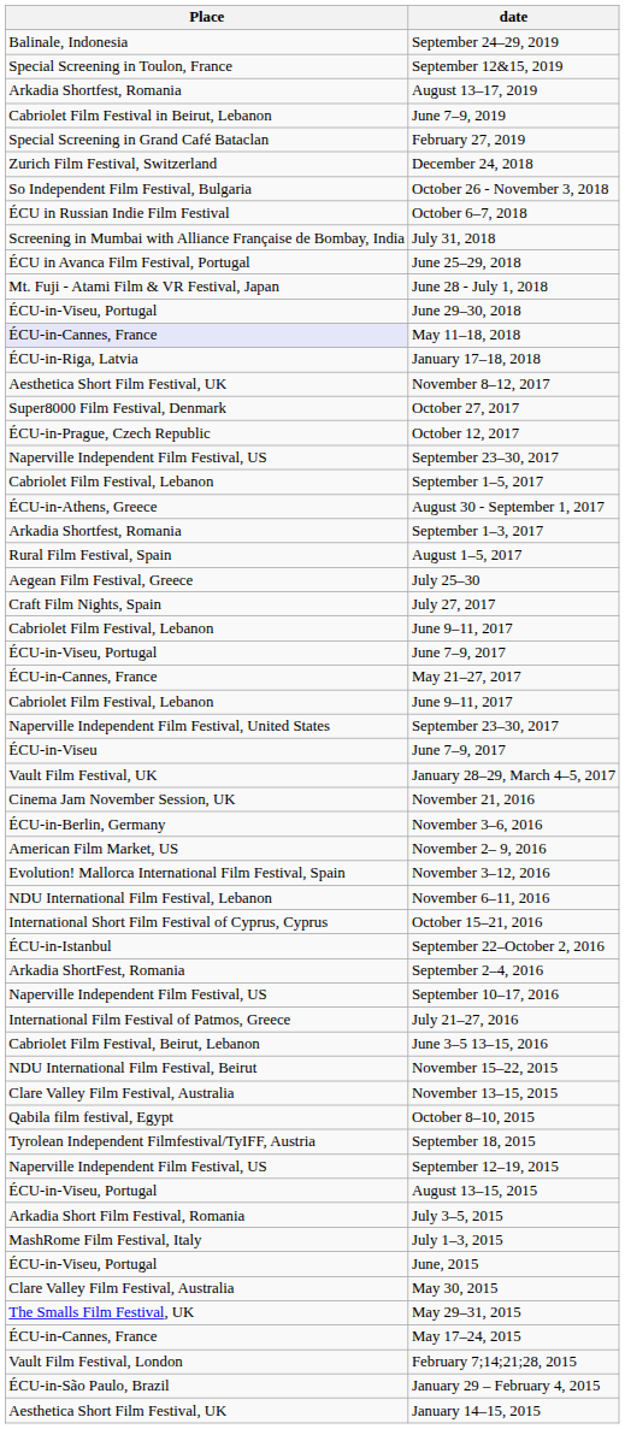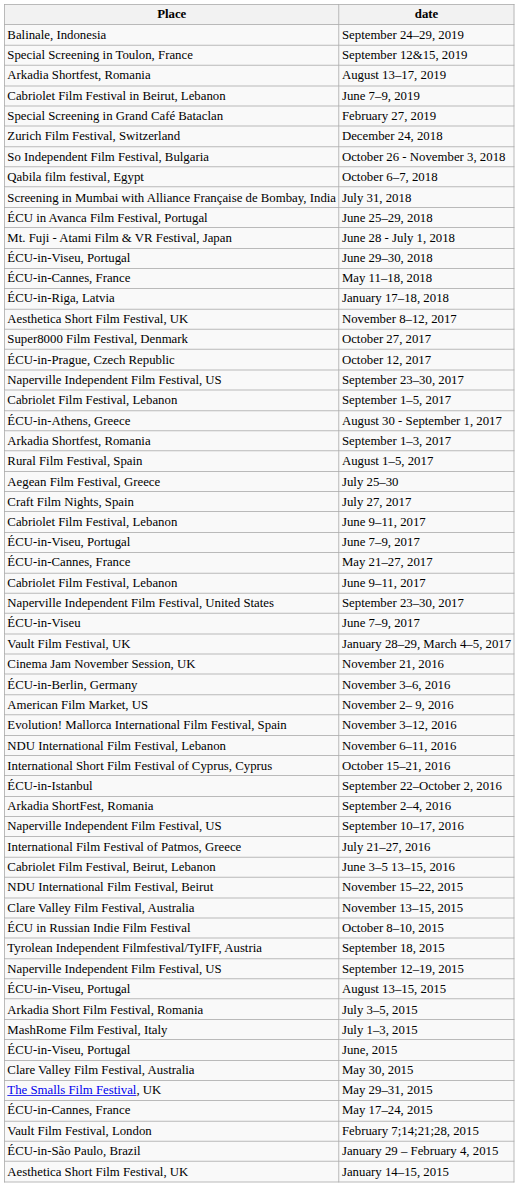 <table class="wikitable sortable">
 <tr>
 <th>Place</th>
 <th>date</th>
 </tr>
 <tr>
 <td>Balinale, Indonesia</td>
 <td>September 24–29, 2019</td>
 </tr>
 <tr>
 <td>Special Screening in Toulon, France</td>
 <td>September 12&15, 2019</td>
 </tr>
 <tr>
 <td>Arkadia Shortfest, Romania</td>
 <td>August 13–17, 2019</td>
 </tr>
 <tr>
 <td>Cabriolet Film Festival in Beirut, Lebanon</td>
 <td>June 7–9, 2019</td>
 </tr>
 <tr>
 <td>Special Screening in Grand Café Bataclan</td>
 <td>February 27, 2019</td>
 </tr>
 <tr>
 <td>Zurich Film Festival, Switzerland</td>
 <td>December 24, 2018</td>
 </tr>
 <tr>
 <td>So Independent Film Festival, Bulgaria</td>
 <td>October 26 - November 3, 2018</td>
 </tr>
 <tr>
-<td>ÉCU in Russian Indie Film Festival</td>
+<td>Qabila film festival, Egypt</td>
 <td>October 6–7, 2018</td>
 </tr>
 <tr>
 <td>Screening in Mumbai with Alliance Française de Bombay, India</td>
 <td>July 31, 2018</td>
 </tr>
 <tr>
 <td>ÉCU in Avanca Film Festival, Portugal</td>
 <td>June 25–29, 2018</td>
 </tr>
 <tr>
 <td>Mt. Fuji - Atami Film & VR Festival, Japan</td>
 <td>June 28 - July 1, 2018</td>
 </tr>
 <tr>
 <td>ÉCU-in-Viseu, Portugal</td>
 <td>June 29–30, 2018</td>
 </tr>
 <tr>
-<td style="background: lavender;">ÉCU-in-Cannes, France</td>
+<td>ÉCU-in-Cannes, France</td>
 <td>May 11–18, 2018</td>
 </tr>
 <tr>
 <td>ÉCU-in-Riga, Latvia</td>
 <td>January 17–18, 2018</td>
 </tr>
 <tr>
 <td>Aesthetica Short Film Festival, UK</td>
 <td>November 8–12, 2017</td>
 </tr>
 <tr>
 <td>Super8000 Film Festival, Denmark</td>
 <td>October 27, 2017</td>
 </tr>
 <tr>
 <td>ÉCU-in-Prague, Czech Republic</td>
 <td>October 12, 2017</td>
 </tr>
 <tr>
 <td>Naperville Independent Film Festival, US</td>
 <td>September 23–30, 2017</td>
 </tr>
 <tr>
 <td>Cabriolet Film Festival, Lebanon</td>
 <td>September 1–5, 2017</td>
 </tr>
 <tr>
 <td>ÉCU-in-Athens, Greece</td>
 <td>August 30 - September 1, 2017</td>
 </tr>
 <tr>
 <td>Arkadia Shortfest, Romania</td>
 <td>September 1–3, 2017</td>
 </tr>
 <tr>
 <td>Rural Film Festival, Spain</td>
 <td>August 1–5, 2017</td>
 </tr>
 <tr>
 <td>Aegean Film Festival, Greece</td>
 <td>July 25–30</td>
 </tr>
 <tr>
 <td>Craft Film Nights, Spain</td>
 <td>July 27, 2017</td>
 </tr>
 <tr>
 <td>Cabriolet Film Festival, Lebanon</td>
 <td>June 9–11, 2017</td>
 </tr>
 <tr>
 <td>ÉCU-in-Viseu, Portugal</td>
 <td>June 7–9, 2017</td>
 </tr>
 <tr>
 <td>ÉCU-in-Cannes, France</td>
 <td>May 21–27, 2017</td>
 </tr>
 <tr>
 <td>Cabriolet Film Festival, Lebanon</td>
 <td>June 9–11, 2017</td>
 </tr>
 <tr>
 <td>Naperville Independent Film Festival, United States</td>
 <td>September 23–30, 2017</td>
 </tr>
 <tr>
 <td>ÉCU-in-Viseu</td>
 <td>June 7–9, 2017</td>
 </tr>
 <tr>
 <td>Vault Film Festival, UK</td>
 <td>January 28–29, March 4–5, 2017</td>
 </tr>
 <tr>
 <td>Cinema Jam November Session, UK</td>
 <td>November 21, 2016</td>
 </tr>
 <tr>
 <td>ÉCU-in-Berlin, Germany</td>
 <td>November 3–6, 2016</td>
 </tr>
 <tr>
 <td>American Film Market, US</td>
 <td>November 2– 9, 2016</td>
 </tr>
 <tr>
 <td>Evolution! Mallorca International Film Festival, Spain</td>
 <td>November 3–12, 2016</td>
 </tr>
 <tr>
 <td>NDU International Film Festival, Lebanon</td>
 <td>November 6–11, 2016</td>
 </tr>
 <tr>
 <td>International Short Film Festival of Cyprus, Cyprus</td>
 <td>October 15–21, 2016</td>
 </tr>
 <tr>
 <td>ÉCU-in-Istanbul</td>
 <td>September 22–October 2, 2016</td>
 </tr>
 <tr>
 <td>Arkadia ShortFest, Romania</td>
 <td>September 2–4, 2016</td>
 </tr>
 <tr>
 <td>Naperville Independent Film Festival, US</td>
 <td>September 10–17, 2016</td>
 </tr>
 <tr>
 <td>International Film Festival of Patmos, Greece</td>
 <td>July 21–27, 2016</td>
 </tr>
 <tr>
 <td>Cabriolet Film Festival, Beirut, Lebanon</td>
 <td>June 3–5 13–15, 2016</td>
 </tr>
 <tr>
 <td>NDU International Film Festival, Beirut</td>
 <td>November 15–22, 2015</td>
 </tr>
 <tr>
 <td>Clare Valley Film Festival, Australia</td>
 <td>November 13–15, 2015</td>
 </tr>
 <tr>
-<td>Qabila film festival, Egypt</td>
+<td>ÉCU in Russian Indie Film Festival</td>
 <td>October 8–10, 2015</td>
 </tr>
 <tr>
 <td>Tyrolean Independent Filmfestival/TyIFF, Austria</td>
 <td>September 18, 2015</td>
 </tr>
 <tr>
 <td>Naperville Independent Film Festival, US</td>
 <td>September 12–19, 2015</td>
 </tr>
 <tr>
 <td>ÉCU-in-Viseu, Portugal</td>
 <td>August 13–15, 2015</td>
 </tr>
 <tr>
 <td>Arkadia Short Film Festival, Romania</td>
 <td>July 3–5, 2015</td>
 </tr>
 <tr>
 <td>MashRome Film Festival, Italy</td>
 <td>July 1–3, 2015</td>
 </tr>
 <tr>
 <td>ÉCU-in-Viseu, Portugal</td>
 <td>June, 2015</td>
 </tr>
 <tr>
 <td>Clare Valley Film Festival, Australia</td>
 <td>May 30, 2015</td>
 </tr>
 <tr>
 <td><a href='#'>The Smalls Film Festival</a>, UK</td>
 <td>May 29–31, 2015</td>
 </tr>
 <tr>
 <td>ÉCU-in-Cannes, France</td>
 <td>May 17–24, 2015</td>
 </tr>
 <tr>
 <td>Vault Film Festival, London</td>
 <td>February 7;14;21;28, 2015</td>
 </tr>
 <tr>
 <td>ÉCU-in-São Paulo, Brazil</td>
 <td>January 29 – February 4, 2015</td>
 </tr>
 <tr>
 <td>Aesthetica Short Film Festival, UK</td>
 <td>January 14–15, 2015</td>
 </tr>
 </table>
